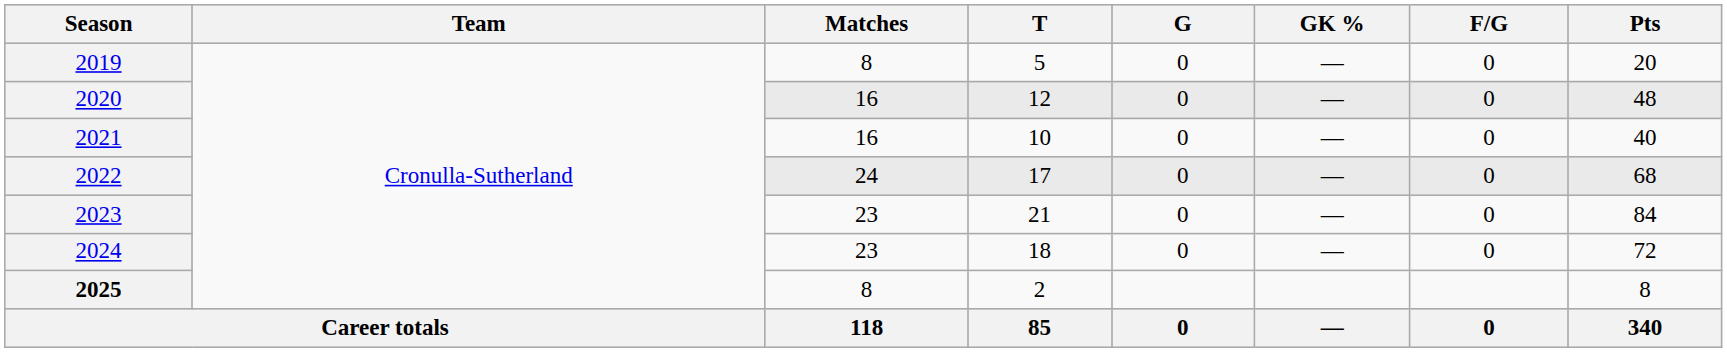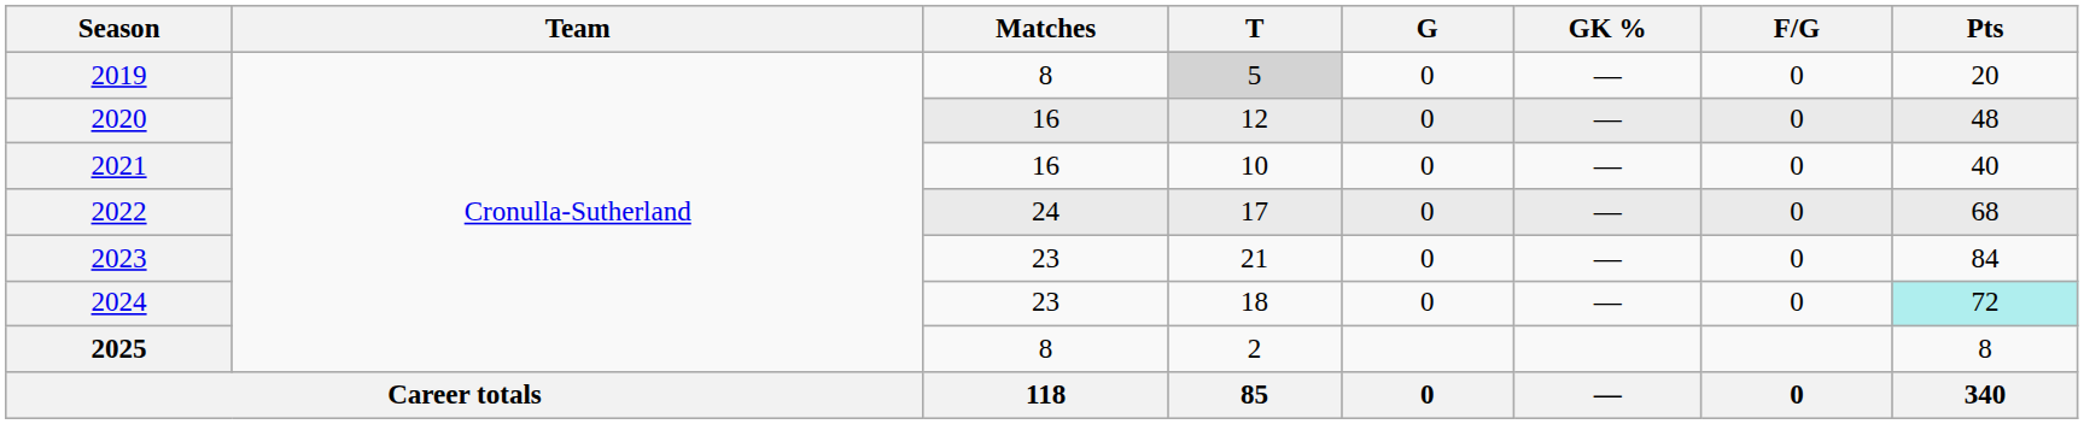 <table class="wikitable sortable"  style="font-size:90%; text-align:center; width:85%;">
 <tr>
 <th width=2%>Season</th>
 <th width=8%>Team</th>
 <th width=2%>Matches</th>
 <th width=2%>T</th>
 <th width=2%>G</th>
 <th width=2%>GK %</th>
 <th width=2%>F/G</th>
 <th width=2%>Pts</th>
 </tr>
 <tr>
 <th scope="row" style="text-align:center; font-weight:normal"><a href='#'>2019</a></th>
 <td rowspan="7" style="text-align:center;"> <a href='#'>Cronulla-Sutherland</a></td>
 <td>8</td>
-<td>5</td>
+<td style="background: lightgrey;">5</td>
 <td>0</td>
 <td>—</td>
 <td>0</td>
 <td>20</td>
 </tr>
 <tr style="background:#eaeaea;">
 <th scope="row" style="text-align:center; font-weight:normal"><a href='#'>2020</a></th>
 <td>16</td>
 <td>12</td>
 <td>0</td>
 <td>—</td>
 <td>0</td>
 <td>48</td>
 </tr>
 <tr>
 <th scope="row" style="text-align:center; font-weight:normal"><a href='#'>2021</a></th>
 <td>16</td>
 <td>10</td>
 <td>0</td>
 <td>—</td>
 <td>0</td>
 <td>40</td>
 </tr>
 <tr style="background:#eaeaea;">
 <th scope="row" style="text-align:center; font-weight:normal"><a href='#'>2022</a></th>
 <td>24</td>
 <td>17</td>
 <td>0</td>
 <td>—</td>
 <td>0</td>
 <td>68</td>
 </tr>
 <tr>
 <th scope="row" style="text-align:center; font-weight:normal"><a href='#'>2023</a></th>
 <td>23</td>
 <td>21</td>
 <td>0</td>
 <td>—</td>
 <td>0</td>
 <td>84</td>
 </tr>
 <tr>
 <th scope="row" style="text-align:center; font-weight:normal"><a href='#'>2024</a></th>
 <td>23</td>
 <td>18</td>
 <td>0</td>
 <td>—</td>
 <td>0</td>
-<td>72</td>
+<td style="background: paleturquoise;">72</td>
 </tr>
 <tr>
 <th>2025</th>
 <td>8</td>
 <td>2</td>
 <td></td>
 <td></td>
 <td></td>
 <td>8</td>
 </tr>
 <tr class="sortbottom">
 <th colspan="2">Career totals</th>
 <th>118</th>
 <th>85</th>
 <th>0</th>
 <th>—</th>
 <th>0</th>
 <th>340</th>
 </tr>
 </table>
